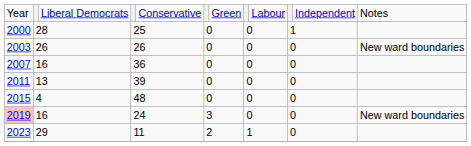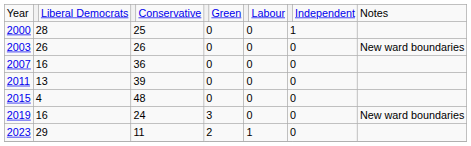 <table class="wikitable" style="font-size: 95%; clear:both">
 <tr>
 <td>Year</td>
 <th style="background-color: "></th>
 <td><a href='#'>Liberal Democrats</a></td>
 <th style="background-color: "></th>
 <td><a href='#'>Conservative</a></td>
 <th style="background-color: "></th>
 <td><a href='#'>Green</a></td>
 <th style="background-color: "></th>
 <td><a href='#'>Labour</a></td>
 <th style="background-color: "></th>
 <td><a href='#'>Independent</a></td>
 <td>Notes</td>
 </tr>
 <tr>
 <td><a href='#'>2000</a></td>
 <td colspan="2">28</td>
 <td colspan="2">25</td>
 <td colspan="2">0</td>
 <td colspan="2">0</td>
 <td colspan="2">1</td>
 <td></td>
 </tr>
 <tr>
-<td style="background: lightyellow;"><a href='#'>2003</a></td>
+<td><a href='#'>2003</a></td>
 <td colspan="2">26</td>
 <td colspan="2">26</td>
 <td colspan="2">0</td>
 <td colspan="2">0</td>
 <td colspan="2">0</td>
 <td>New ward boundaries</td>
 </tr>
 <tr>
 <td><a href='#'>2007</a></td>
 <td colspan="2">16</td>
 <td colspan="2">36</td>
 <td colspan="2">0</td>
 <td colspan="2">0</td>
 <td colspan="2">0</td>
 <td></td>
 </tr>
 <tr>
 <td><a href='#'>2011</a></td>
 <td colspan="2">13</td>
 <td colspan="2">39</td>
 <td colspan="2">0</td>
 <td colspan="2">0</td>
 <td colspan="2">0</td>
 <td></td>
 </tr>
 <tr>
 <td><a href='#'>2015</a></td>
 <td colspan="2">4</td>
 <td colspan="2">48</td>
 <td colspan="2">0</td>
 <td colspan="2">0</td>
 <td colspan="2">0</td>
 <td></td>
 </tr>
 <tr>
-<td style="background: pink;"><a href='#'>2019</a></td>
+<td><a href='#'>2019</a></td>
 <td colspan="2">16</td>
 <td colspan="2">24</td>
 <td colspan="2">3</td>
 <td colspan="2">0</td>
 <td colspan="2">0</td>
 <td>New ward boundaries</td>
 </tr>
 <tr>
 <td><a href='#'>2023</a></td>
 <td colspan="2">29</td>
 <td colspan="2">11</td>
 <td colspan="2">2</td>
 <td colspan="2">1</td>
 <td colspan="2">0</td>
 <td></td>
 </tr>
 <tr>
 </tr>
 </table>
